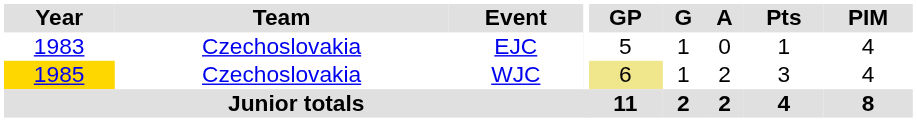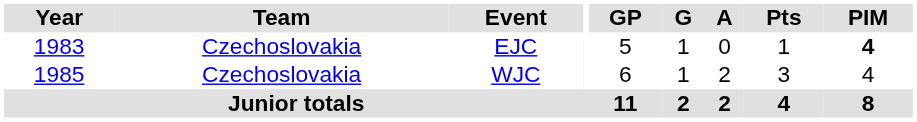 <table border="0" cellpadding="1" cellspacing="0" ID="Table3" style="text-align:center; width:40em">
 <tr bgcolor="#e0e0e0">
 <th>Year</th>
 <th>Team</th>
 <th>Event</th>
 <th rowspan="102" bgcolor="#ffffff"></th>
 <th>GP</th>
 <th>G</th>
 <th>A</th>
 <th>Pts</th>
 <th>PIM</th>
 </tr>
 <tr>
 <td><a href='#'>1983</a></td>
 <td><a href='#'>Czechoslovakia</a></td>
 <td><a href='#'>EJC</a></td>
 <td>5</td>
 <td>1</td>
 <td>0</td>
 <td>1</td>
-<td>4</td>
+<td><strong>4</strong></td>
 </tr>
 <tr>
-<td style="background: gold;"><a href='#'>1985</a></td>
+<td><a href='#'>1985</a></td>
 <td><a href='#'>Czechoslovakia</a></td>
 <td><a href='#'>WJC</a></td>
-<td style="background: khaki;">6</td>
+<td>6</td>
 <td>1</td>
 <td>2</td>
 <td>3</td>
 <td>4</td>
 </tr>
 <tr bgcolor="#e0e0e0">
 <th colspan="4">Junior totals</th>
 <th>11</th>
 <th>2</th>
 <th>2</th>
 <th>4</th>
 <th>8</th>
 </tr>
 </table>
